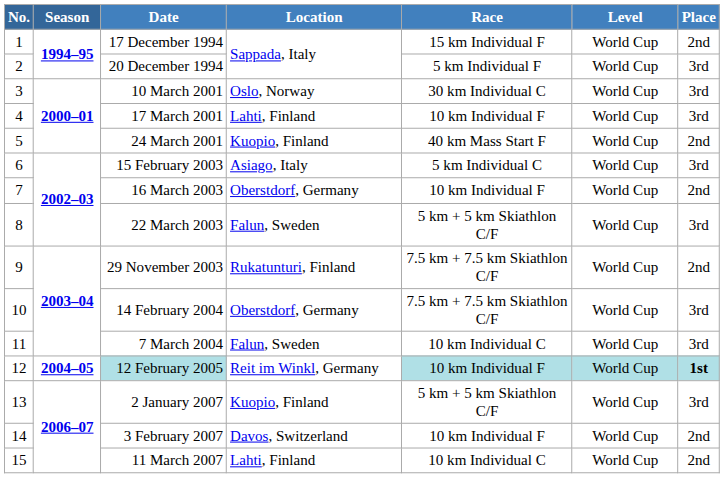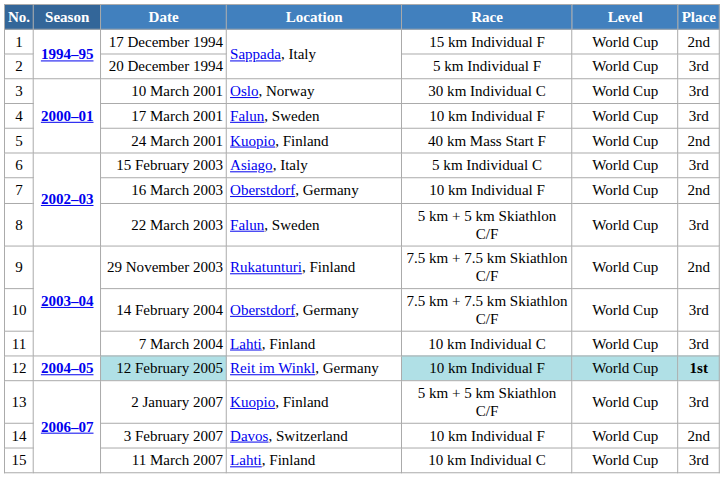 <table class="wikitable sortable" style="font-size:95%; text-align:center; border:grey solid 1px; border-collapse:collapse; background:#ffffff;">
 <tr style="background:#efefef;">
 <th style="background-color:#369; color:white;">No.</th>
 <th style="background-color:#369; color:white;">Season</th>
 <th style="background-color:#4180be; color:white; width:120px;">Date</th>
 <th style="background-color:#4180be; color:white; width:170px;">Location</th>
 <th style="background-color:#4180be; color:white; width:165px;">Race</th>
 <th style="background-color:#4180be; color:white; width:100px;">Level</th>
 <th style="background-color:#4180be; color:white;">Place</th>
 </tr>
 <tr>
 <td align=center>1</td>
 <td rowspan=2 align=center><strong> <a href='#'>1994–95</a> </strong></td>
 <td align=right>17 December 1994</td>
 <td rowspan=2 align=left> <a href='#'>Sappada</a>, Italy</td>
 <td>15 km Individual F</td>
 <td>World Cup</td>
 <td>2nd</td>
 </tr>
 <tr>
 <td align=center>2</td>
 <td align=right>20 December 1994</td>
 <td>5 km Individual F</td>
 <td>World Cup</td>
 <td>3rd</td>
 </tr>
 <tr>
 <td align=center>3</td>
 <td rowspan=3 align=center><strong> <a href='#'>2000–01</a> </strong></td>
 <td align=right>10 March 2001</td>
 <td align=left> <a href='#'>Oslo</a>, Norway</td>
 <td>30 km Individual C</td>
 <td>World Cup</td>
 <td>3rd</td>
 </tr>
 <tr>
 <td align=center>4</td>
 <td align=right>17 March 2001</td>
-<td align=left> <a href='#'>Lahti</a>, Finland</td>
+<td align=left> <a href='#'>Falun</a>, Sweden</td>
 <td>10 km Individual F</td>
 <td>World Cup</td>
 <td>3rd</td>
 </tr>
 <tr>
 <td align=center>5</td>
 <td align=right>24 March 2001</td>
 <td align=left> <a href='#'>Kuopio</a>, Finland</td>
 <td>40 km Mass Start F</td>
 <td>World Cup</td>
 <td>2nd</td>
 </tr>
 <tr>
 <td align=center>6</td>
 <td rowspan=3 align=center><strong> <a href='#'>2002–03</a> </strong></td>
 <td align=right>15 February 2003</td>
 <td align=left> <a href='#'>Asiago</a>, Italy</td>
 <td>5 km Individual C</td>
 <td>World Cup</td>
 <td>3rd</td>
 </tr>
 <tr>
 <td align=center>7</td>
 <td align=right>16 March 2003</td>
 <td align=left> <a href='#'>Oberstdorf</a>, Germany</td>
 <td>10 km Individual F</td>
 <td>World Cup</td>
 <td>2nd</td>
 </tr>
 <tr>
 <td align=center>8</td>
 <td align=right>22 March 2003</td>
 <td align=left> <a href='#'>Falun</a>, Sweden</td>
 <td>5 km + 5 km Skiathlon C/F</td>
 <td>World Cup</td>
 <td>3rd</td>
 </tr>
 <tr>
 <td align=center>9</td>
 <td rowspan=3 align=center><strong> <a href='#'>2003–04</a> </strong></td>
 <td align=right>29 November 2003</td>
 <td align=left> <a href='#'>Rukatunturi</a>, Finland</td>
 <td>7.5 km + 7.5 km Skiathlon C/F</td>
 <td>World Cup</td>
 <td>2nd</td>
 </tr>
 <tr>
 <td align=center>10</td>
 <td align=right>14 February 2004</td>
 <td align=left> <a href='#'>Oberstdorf</a>, Germany</td>
 <td>7.5 km + 7.5 km Skiathlon C/F</td>
 <td>World Cup</td>
 <td>3rd</td>
 </tr>
 <tr>
 <td align=center>11</td>
 <td align=right>7 March 2004</td>
-<td align=left> <a href='#'>Falun</a>, Sweden</td>
+<td align=left> <a href='#'>Lahti</a>, Finland</td>
 <td>10 km Individual C</td>
 <td>World Cup</td>
 <td>3rd</td>
 </tr>
 <tr>
 <td align=center>12</td>
 <td rowspan=1 align=center><strong><a href='#'>2004–05</a></strong></td>
 <td bgcolor="#BOEOE6" align=right>12 February 2005</td>
 <td align=left> <a href='#'>Reit im Winkl</a>, Germany</td>
 <td bgcolor="#BOEOE6">10 km Individual F</td>
 <td bgcolor="#BOEOE6">World Cup</td>
 <td bgcolor="#BOEOE6"><strong>1st</strong></td>
 </tr>
 <tr>
 <td align=center>13</td>
 <td rowspan=3 align=center><strong> <a href='#'>2006–07</a> </strong></td>
 <td align=right>2 January 2007</td>
 <td align=left> <a href='#'>Kuopio</a>, Finland</td>
 <td>5 km + 5 km Skiathlon C/F</td>
 <td>World Cup</td>
 <td>3rd</td>
 </tr>
 <tr>
 <td align=center>14</td>
 <td align=right>3 February 2007</td>
 <td align=left> <a href='#'>Davos</a>, Switzerland</td>
 <td>10 km Individual F</td>
 <td>World Cup</td>
 <td>2nd</td>
 </tr>
 <tr>
 <td align=center>15</td>
 <td align=right>11 March 2007</td>
 <td align=left> <a href='#'>Lahti</a>, Finland</td>
 <td>10 km Individual C</td>
 <td>World Cup</td>
-<td>2nd</td>
+<td>3rd</td>
 </tr>
 </table>
